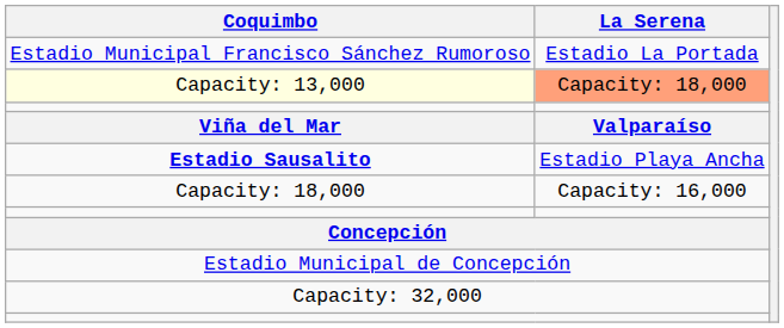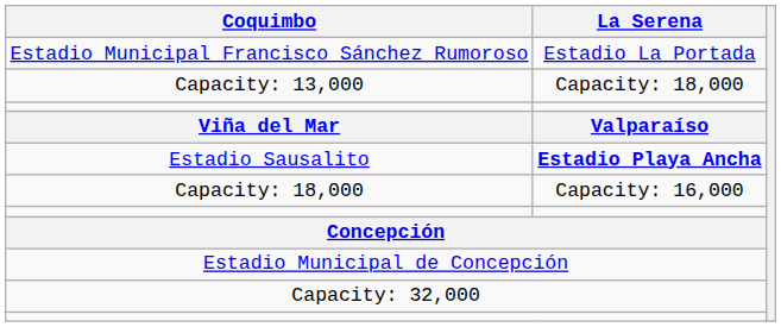 <table class="wikitable" style="text-align:center">
 <tr>
 <th><a href='#'>Coquimbo</a></th>
 <th><a href='#'>La Serena</a></th>
 <th rowspan="12" style=""></th>
 </tr>
 <tr>
 <td><a href='#'>Estadio Municipal Francisco Sánchez Rumoroso</a></td>
 <td><a href='#'>Estadio La Portada</a></td>
 </tr>
 <tr>
-<td style="background: lightyellow;">Capacity: 13,000</td>
-<td style="background: lightsalmon;">Capacity: 18,000</td>
+<td>Capacity: 13,000</td>
+<td>Capacity: 18,000</td>
 </tr>
 <tr>
 <td></td>
 <td></td>
 </tr>
 <tr>
 <th><a href='#'>Viña del Mar</a></th>
 <th><a href='#'>Valparaíso</a></th>
 </tr>
 <tr>
-<td><strong><a href='#'>Estadio Sausalito</a></strong></td>
-<td><a href='#'>Estadio Playa Ancha</a></td>
+<td><a href='#'>Estadio Sausalito</a></td>
+<td><strong><a href='#'>Estadio Playa Ancha</a></strong></td>
 </tr>
 <tr>
 <td>Capacity: 18,000</td>
 <td>Capacity: 16,000</td>
 </tr>
 <tr>
 <td></td>
 <td></td>
 </tr>
 <tr>
 <th colspan=2><a href='#'>Concepción</a></th>
 </tr>
 <tr>
 <td colspan=2><a href='#'>Estadio Municipal de Concepción</a></td>
 </tr>
 <tr>
 <td colspan=2>Capacity: 32,000</td>
 </tr>
 <tr>
 <td colspan=2></td>
 </tr>
 </table>
